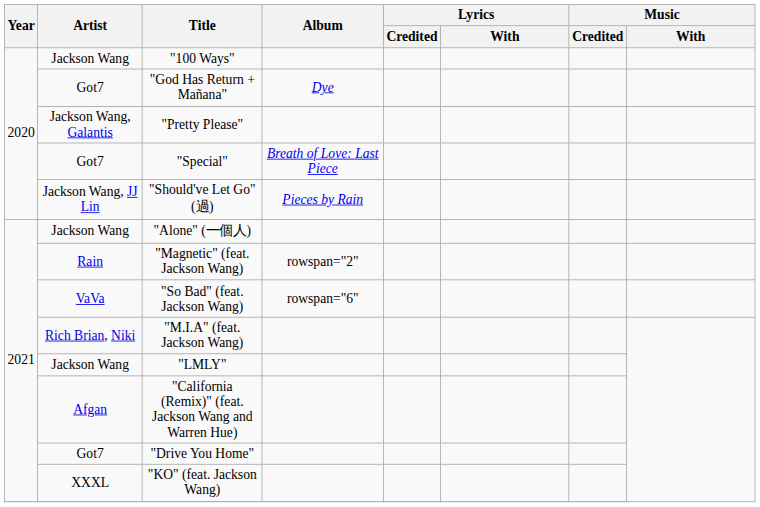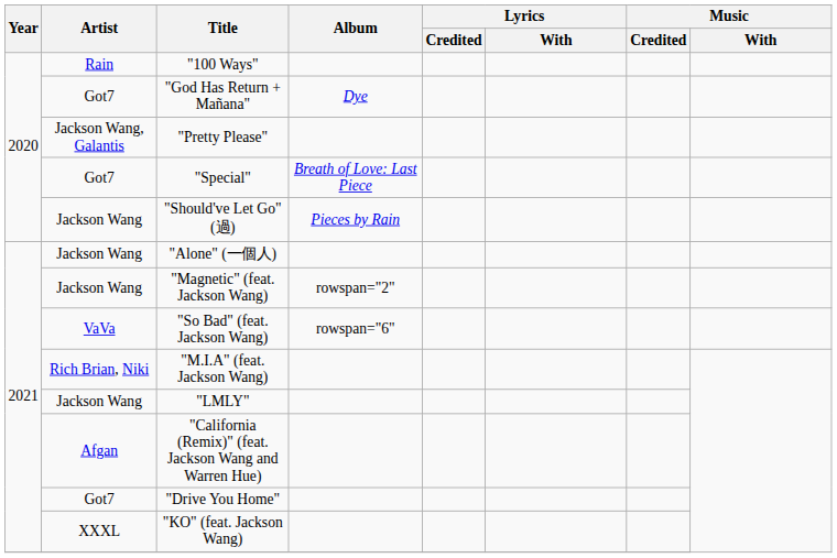 <table class="wikitable" style="text-align:center; width:100%;">
 <tr>
 <th rowspan="2" style="width:3%;">Year</th>
 <th rowspan="2" style="width:15%;">Artist</th>
 <th rowspan="2" style="width:17%;">Title</th>
 <th rowspan="2" style="width:17%;">Album</th>
 <th colspan="2" style="width:24%;">Lyrics</th>
 <th colspan="2" style="width:24%;">Music</th>
 </tr>
 <tr>
 <th style="width:5%;">Credited</th>
 <th style="width:19%;">With</th>
 <th style="width:5%;">Credited</th>
 <th style="width:19%;">With</th>
 </tr>
 <tr>
 <td rowspan="5">2020</td>
-<td>Jackson Wang</td>
+<td><a href='#'>Rain</a></td>
 <td>"100 Ways"</td>
 <td></td>
 <td></td>
 <td></td>
 <td></td>
 <td></td>
 </tr>
 <tr>
 <td>Got7</td>
 <td>"God Has Return + Mañana"</td>
 <td><em><a href='#'>Dye</a></em></td>
 <td></td>
 <td></td>
 <td></td>
 <td></td>
 </tr>
 <tr>
 <td>Jackson Wang, <a href='#'>Galantis</a></td>
 <td>"Pretty Please"</td>
 <td></td>
 <td></td>
 <td></td>
 <td></td>
 <td></td>
 </tr>
 <tr>
 <td>Got7</td>
 <td>"Special"</td>
 <td><em><a href='#'>Breath of Love: Last Piece</a></em></td>
 <td></td>
 <td></td>
 <td></td>
 <td></td>
 </tr>
 <tr>
-<td>Jackson Wang, <a href='#'>JJ Lin</a></td>
+<td>Jackson Wang</td>
 <td>"Should've Let Go" (過)</td>
 <td><em><a href='#'>Pieces by Rain</a></em></td>
 <td></td>
 <td></td>
 <td></td>
 <td></td>
 </tr>
 <tr>
 <td rowspan="8">2021</td>
 <td>Jackson Wang</td>
 <td>"Alone" (一個人)</td>
 <td></td>
 <td></td>
 <td></td>
 <td></td>
 </tr>
 <tr>
-<td><a href='#'>Rain</a></td>
+<td>Jackson Wang</td>
 <td>"Magnetic" (feat. Jackson Wang)</td>
 <td>rowspan="2" </td>
 <td></td>
 <td></td>
 <td></td>
 <td></td>
 </tr>
 <tr>
 <td><a href='#'>VaVa</a></td>
 <td>"So Bad" (feat. Jackson Wang)</td>
 <td>rowspan="6" </td>
 <td></td>
 <td></td>
 <td></td>
 <td></td>
 </tr>
 <tr>
 <td><a href='#'>Rich Brian</a>, <a href='#'>Niki</a></td>
 <td>"M.I.A" (feat. Jackson Wang)</td>
 <td></td>
 <td></td>
 <td></td>
 <td></td>
 </tr>
 <tr>
 <td>Jackson Wang</td>
 <td>"LMLY"</td>
 <td></td>
 <td></td>
 <td></td>
 <td></td>
 </tr>
 <tr>
 <td><a href='#'>Afgan</a></td>
 <td>"California (Remix)" (feat. Jackson Wang and Warren Hue)</td>
 <td></td>
 <td></td>
 <td></td>
 <td></td>
 </tr>
 <tr>
 <td>Got7</td>
 <td>"Drive You Home"</td>
 <td></td>
 <td></td>
 <td></td>
 <td></td>
 </tr>
 <tr>
 <td>XXXL</td>
 <td>"KO" (feat. Jackson Wang)</td>
 <td></td>
 <td></td>
 <td></td>
 <td></td>
 </tr>
 <tr>
 </tr>
 </table>
